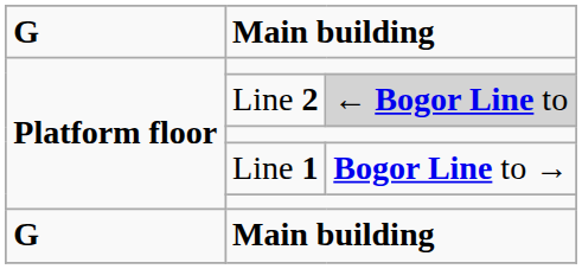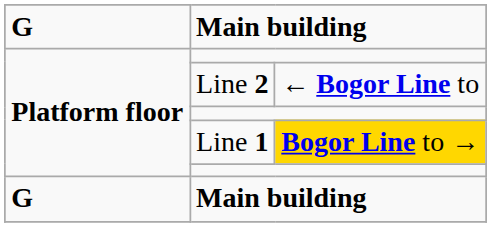 <table class="wikitable">
 <tr>
 <td><strong>G</strong></td>
 <td colspan="2"><strong>Main building</strong></td>
 </tr>
 <tr>
 <td rowspan="5"><strong>Platform floor</strong></td>
 <td colspan="2"></td>
 </tr>
 <tr>
 <td>Line <strong>2</strong></td>
-<td style="background: lightgrey;">←   <strong><a href='#'>Bogor Line</a></strong> to </td>
+<td>←   <strong><a href='#'>Bogor Line</a></strong> to </td>
 </tr>
 <tr>
 <td colspan="2"></td>
 </tr>
 <tr>
 <td>Line <strong>1</strong></td>
-<td> <strong><a href='#'>Bogor Line</a></strong> to   →</td>
+<td style="background: gold;"> <strong><a href='#'>Bogor Line</a></strong> to   →</td>
 </tr>
 <tr>
 <td colspan="2"></td>
 </tr>
 <tr>
 <td><strong>G</strong></td>
 <td colspan="2"><strong>Main building</strong></td>
 </tr>
 </table>
